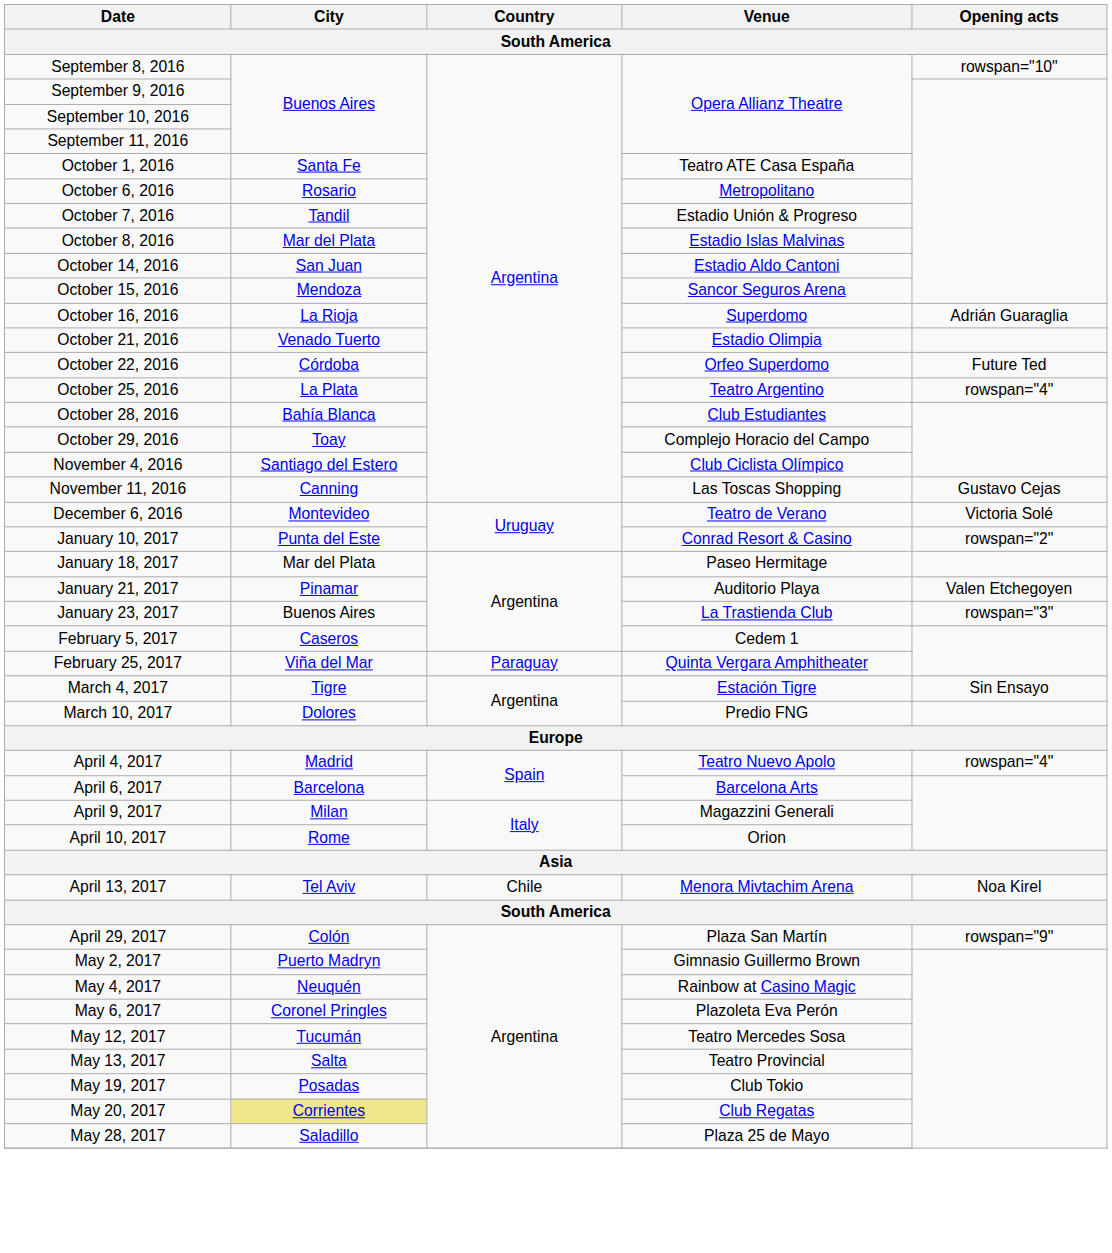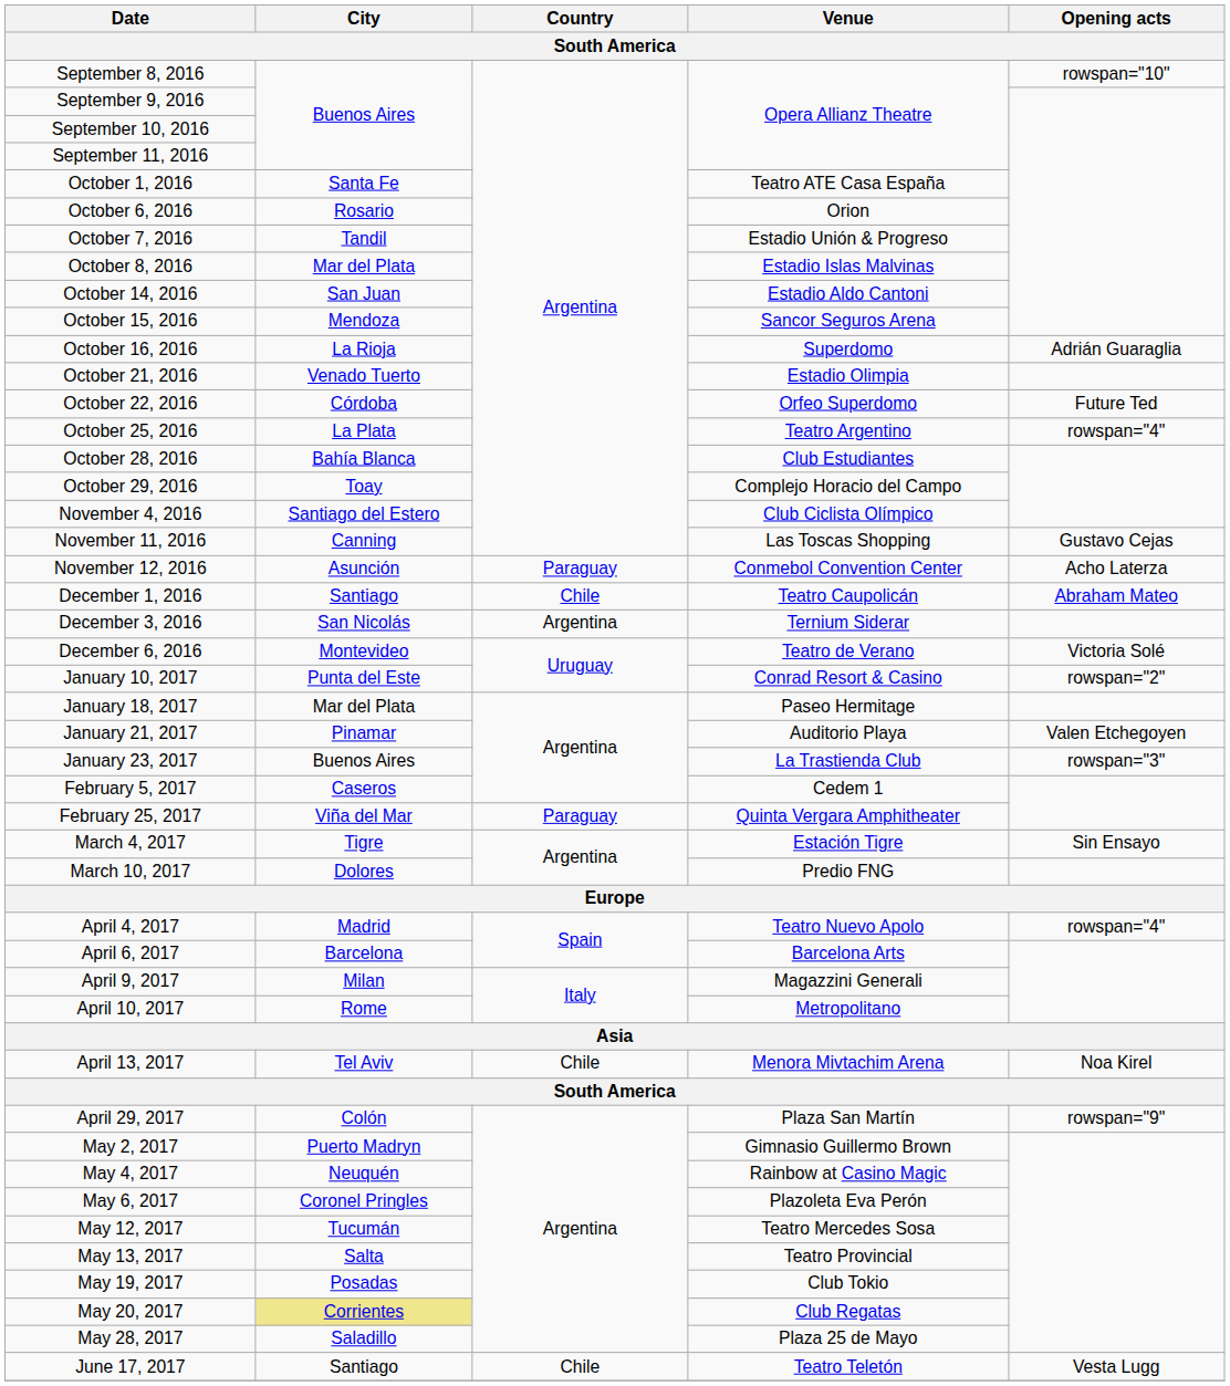 <table class="wikitable plainrowheaders" style="text-align:center;">
 <tr>
 <th scope="col" style="width:14em;">Date</th>
 <th scope="col" style="width:12em;">City</th>
 <th scope="col" style="width:12em;">Country</th>
 <th scope="col" style="width:18em;">Venue</th>
 <th scope="col" style="width:12em;">Opening acts</th>
 </tr>
 <tr>
 <th colspan="5">South America</th>
 </tr>
 <tr>
 <td>September 8, 2016</td>
 <td rowspan="4"><a href='#'>Buenos Aires</a></td>
 <td rowspan="18"><a href='#'>Argentina</a></td>
 <td rowspan="4"><a href='#'>Opera Allianz Theatre</a></td>
 <td>rowspan="10" </td>
 </tr>
 <tr>
 <td>September 9, 2016</td>
 </tr>
 <tr>
 <td>September 10, 2016</td>
 </tr>
 <tr>
 <td>September 11, 2016</td>
 </tr>
 <tr>
 <td>October 1, 2016</td>
 <td><a href='#'>Santa Fe</a></td>
 <td>Teatro ATE Casa España</td>
 </tr>
 <tr>
 <td>October 6, 2016</td>
 <td><a href='#'>Rosario</a></td>
-<td><a href='#'>Metropolitano</a></td>
+<td>Orion</td>
 </tr>
 <tr>
 <td>October 7, 2016</td>
 <td><a href='#'>Tandil</a></td>
 <td>Estadio Unión & Progreso</td>
 </tr>
 <tr>
 <td>October 8, 2016</td>
 <td><a href='#'>Mar del Plata</a></td>
 <td><a href='#'>Estadio Islas Malvinas</a></td>
 </tr>
 <tr>
 <td>October 14, 2016</td>
 <td><a href='#'>San Juan</a></td>
 <td><a href='#'>Estadio Aldo Cantoni</a></td>
 </tr>
 <tr>
 <td>October 15, 2016</td>
 <td><a href='#'>Mendoza</a></td>
 <td><a href='#'>Sancor Seguros Arena</a></td>
 </tr>
 <tr>
 <td>October 16, 2016</td>
 <td><a href='#'>La Rioja</a></td>
 <td><a href='#'>Superdomo</a></td>
 <td>Adrián Guaraglia</td>
 </tr>
 <tr>
 <td>October 21, 2016</td>
 <td><a href='#'>Venado Tuerto</a></td>
 <td><a href='#'>Estadio Olimpia</a></td>
 <td></td>
 </tr>
 <tr>
 <td>October 22, 2016</td>
 <td><a href='#'>Córdoba</a></td>
 <td><a href='#'>Orfeo Superdomo</a></td>
 <td>Future Ted</td>
 </tr>
 <tr>
 <td>October 25, 2016</td>
 <td><a href='#'>La Plata</a></td>
 <td><a href='#'>Teatro Argentino</a></td>
 <td>rowspan="4" </td>
 </tr>
 <tr>
 <td>October 28, 2016</td>
 <td><a href='#'>Bahía Blanca</a></td>
 <td><a href='#'>Club Estudiantes</a></td>
 </tr>
 <tr>
 <td>October 29, 2016</td>
 <td><a href='#'>Toay</a></td>
 <td>Complejo Horacio del Campo</td>
 </tr>
 <tr>
 <td>November 4, 2016</td>
 <td><a href='#'>Santiago del Estero</a></td>
 <td><a href='#'>Club Ciclista Olímpico</a></td>
 </tr>
 <tr>
 <td>November 11, 2016</td>
 <td><a href='#'>Canning</a></td>
 <td>Las Toscas Shopping</td>
 <td>Gustavo Cejas</td>
+</tr>
+<tr>
+<td>November 12, 2016</td>
+<td><a href='#'>Asunción</a></td>
+<td><a href='#'>Paraguay</a></td>
+<td><a href='#'>Conmebol Convention Center</a></td>
+<td>Acho Laterza</td>
+</tr>
+<tr>
+<td>December 1, 2016</td>
+<td><a href='#'>Santiago</a></td>
+<td><a href='#'>Chile</a></td>
+<td><a href='#'>Teatro Caupolicán</a></td>
+<td><a href='#'>Abraham Mateo</a></td>
+</tr>
+<tr>
+<td>December 3, 2016</td>
+<td><a href='#'>San Nicolás</a></td>
+<td>Argentina</td>
+<td><a href='#'>Ternium Siderar</a></td>
+<td></td>
 </tr>
 <tr>
 <td>December 6, 2016</td>
 <td><a href='#'>Montevideo</a></td>
 <td rowspan="2"><a href='#'>Uruguay</a></td>
 <td><a href='#'>Teatro de Verano</a></td>
 <td>Victoria Solé</td>
 </tr>
 <tr>
 <td>January 10, 2017</td>
 <td><a href='#'>Punta del Este</a></td>
 <td><a href='#'>Conrad Resort & Casino</a></td>
 <td>rowspan="2" </td>
 </tr>
 <tr>
 <td>January 18, 2017</td>
 <td>Mar del Plata</td>
 <td rowspan="4">Argentina</td>
 <td>Paseo Hermitage</td>
 </tr>
 <tr>
 <td>January 21, 2017</td>
 <td><a href='#'>Pinamar</a></td>
 <td>Auditorio Playa</td>
 <td>Valen Etchegoyen</td>
 </tr>
 <tr>
 <td>January 23, 2017</td>
 <td>Buenos Aires</td>
 <td><a href='#'>La Trastienda Club</a></td>
 <td>rowspan="3" </td>
 </tr>
 <tr>
 <td>February 5, 2017</td>
 <td><a href='#'>Caseros</a></td>
 <td>Cedem 1</td>
 </tr>
 <tr>
 <td>February 25, 2017</td>
 <td><a href='#'>Viña del Mar</a></td>
 <td><a href='#'>Paraguay</a></td>
 <td><a href='#'>Quinta Vergara Amphitheater</a></td>
 </tr>
 <tr>
 <td>March 4, 2017</td>
 <td><a href='#'>Tigre</a></td>
 <td rowspan="2">Argentina</td>
 <td><a href='#'>Estación Tigre</a></td>
 <td>Sin Ensayo</td>
 </tr>
 <tr>
 <td>March 10, 2017</td>
 <td><a href='#'>Dolores</a></td>
 <td>Predio FNG</td>
 <td></td>
 </tr>
 <tr>
 <th colspan="5">Europe</th>
 </tr>
 <tr>
 <td>April 4, 2017</td>
 <td><a href='#'>Madrid</a></td>
 <td rowspan="2"><a href='#'>Spain</a></td>
 <td><a href='#'>Teatro Nuevo Apolo</a></td>
 <td>rowspan="4" </td>
 </tr>
 <tr>
 <td>April 6, 2017</td>
 <td><a href='#'>Barcelona</a></td>
 <td><a href='#'>Barcelona Arts</a></td>
 </tr>
 <tr>
 <td>April 9, 2017</td>
 <td><a href='#'>Milan</a></td>
 <td rowspan="2"><a href='#'>Italy</a></td>
 <td>Magazzini Generali</td>
 </tr>
 <tr>
 <td>April 10, 2017</td>
 <td><a href='#'>Rome</a></td>
-<td>Orion</td>
+<td><a href='#'>Metropolitano</a></td>
 </tr>
 <tr>
 <th colspan="5">Asia</th>
 </tr>
 <tr>
 <td>April 13, 2017</td>
 <td><a href='#'>Tel Aviv</a></td>
 <td>Chile</td>
 <td><a href='#'>Menora Mivtachim Arena</a></td>
 <td>Noa Kirel</td>
 </tr>
 <tr>
 <th colspan="5">South America</th>
 </tr>
 <tr>
 <td>April 29, 2017</td>
 <td><a href='#'>Colón</a></td>
 <td rowspan="9">Argentina</td>
 <td>Plaza San Martín</td>
 <td>rowspan="9" </td>
 </tr>
 <tr>
 <td>May 2, 2017</td>
 <td><a href='#'>Puerto Madryn</a></td>
 <td>Gimnasio Guillermo Brown</td>
 </tr>
 <tr>
 <td>May 4, 2017</td>
 <td><a href='#'>Neuquén</a></td>
 <td>Rainbow at <a href='#'>Casino Magic</a></td>
 </tr>
 <tr>
 <td>May 6, 2017</td>
 <td><a href='#'>Coronel Pringles</a></td>
 <td>Plazoleta Eva Perón</td>
 </tr>
 <tr>
 <td>May 12, 2017</td>
 <td><a href='#'>Tucumán</a></td>
 <td>Teatro Mercedes Sosa</td>
 </tr>
 <tr>
 <td>May 13, 2017</td>
 <td><a href='#'>Salta</a></td>
 <td>Teatro Provincial</td>
 </tr>
 <tr>
 <td>May 19, 2017</td>
 <td><a href='#'>Posadas</a></td>
 <td>Club Tokio</td>
 </tr>
 <tr>
 <td>May 20, 2017</td>
 <td style="background: khaki;"><a href='#'>Corrientes</a></td>
 <td><a href='#'>Club Regatas</a></td>
 </tr>
 <tr>
 <td>May 28, 2017</td>
 <td><a href='#'>Saladillo</a></td>
 <td>Plaza 25 de Mayo</td>
 </tr>
 <tr>
+<td>June 17, 2017</td>
+<td>Santiago</td>
+<td>Chile</td>
+<td><a href='#'>Teatro Teletón</a></td>
+<td>Vesta Lugg</td>
+</tr>
+<tr>
 </tr>
 </table>
